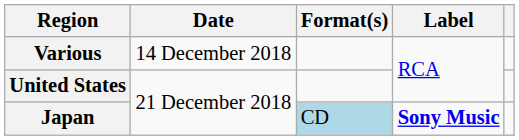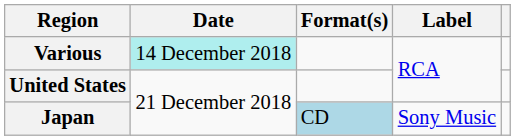 <table class="wikitable plainrowheaders">
 <tr>
 <th scope="col">Region</th>
 <th scope="col">Date</th>
 <th scope="col">Format(s)</th>
 <th scope="col">Label</th>
 <th scope="col"></th>
 </tr>
 <tr>
 <th scope="row">Various</th>
-<td>14 December 2018</td>
+<td style="background: paleturquoise;">14 December 2018</td>
 <td></td>
 <td rowspan="2"><a href='#'>RCA</a></td>
 <td style="text-align:center;"></td>
 </tr>
 <tr>
 <th scope="row">United States</th>
 <td rowspan="2">21 December 2018</td>
 <td></td>
 <td style="text-align:center;"></td>
 </tr>
 <tr>
 <th scope="row">Japan</th>
 <td style="background: lightblue;">CD</td>
-<td><strong><a href='#'>Sony Music</a></strong></td>
+<td><a href='#'>Sony Music</a></td>
 <td style="text-align:center;"></td>
 </tr>
 </table>
